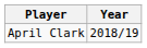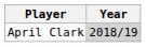 <table class="wikitable">
 <tr>
 <th>Player</th>
 <th>Year</th>
 </tr>
 <tr>
 <td>April Clark</td>
-<td>2018/19</td>
+<td style="background: lightgrey;">2018/19</td>
 </tr>
 </table>
